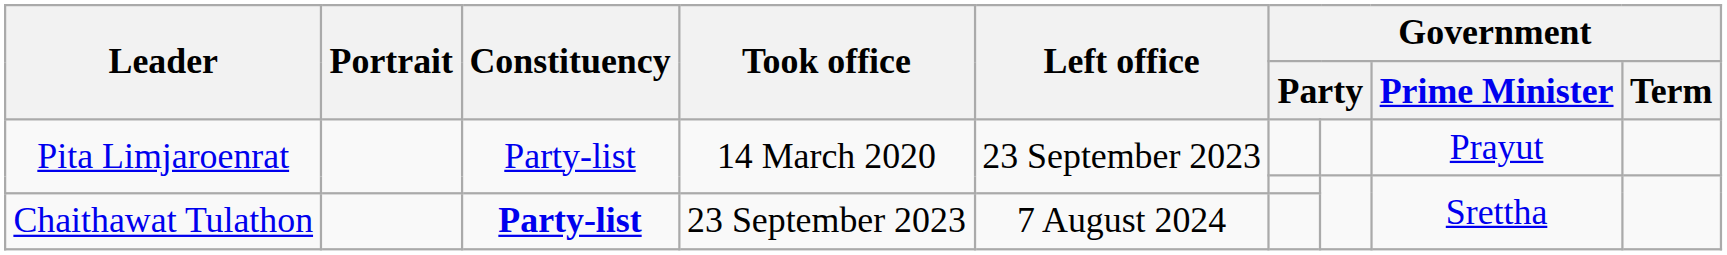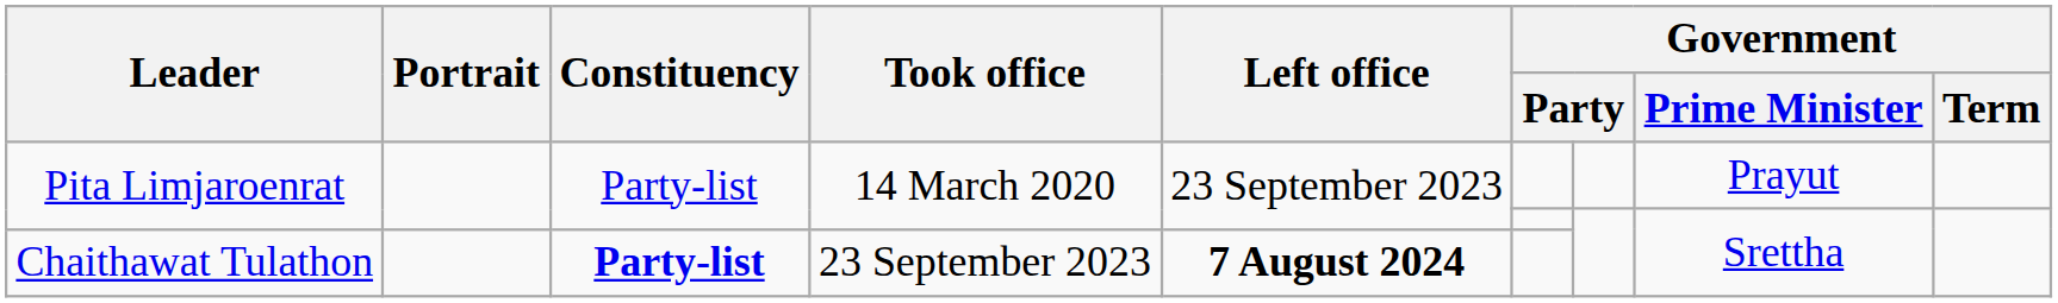 <table class="wikitable" style="text-align:center">
 <tr>
 <th rowspan="2">Leader</th>
 <th rowspan="2" class="unsortable">Portrait</th>
 <th rowspan="2">Constituency</th>
 <th rowspan="2">Took office</th>
 <th rowspan="2">Left office</th>
 <th colspan="4">Government</th>
 </tr>
 <tr>
 <th colspan="2">Party</th>
 <th><a href='#'>Prime Minister</a></th>
 <th>Term</th>
 </tr>
 <tr>
 <td rowspan="2"><a href='#'>Pita Limjaroenrat</a></td>
 <td rowspan="2"></td>
 <td rowspan="2"><a href='#'>Party-list</a></td>
 <td rowspan="2">14 March 2020</td>
 <td rowspan="2">23 September 2023</td>
 <td style="background-color: "></td>
 <td><a href='#'></a></td>
 <td><a href='#'>Prayut</a></td>
 <td></td>
 </tr>
 <tr>
 <td style="background-color: "></td>
 <td rowspan="2"><a href='#'></a></td>
 <td rowspan="2"><a href='#'>Srettha</a></td>
 <td rowspan="2"></td>
 </tr>
 <tr>
 <td><a href='#'>Chaithawat Tulathon</a></td>
 <td></td>
 <td><strong><a href='#'>Party-list</a></strong></td>
 <td>23 September 2023</td>
-<td>7 August 2024</td>
+<td><strong>7 August 2024</strong></td>
 <td style="background-color: "></td>
 </tr>
 </table>
